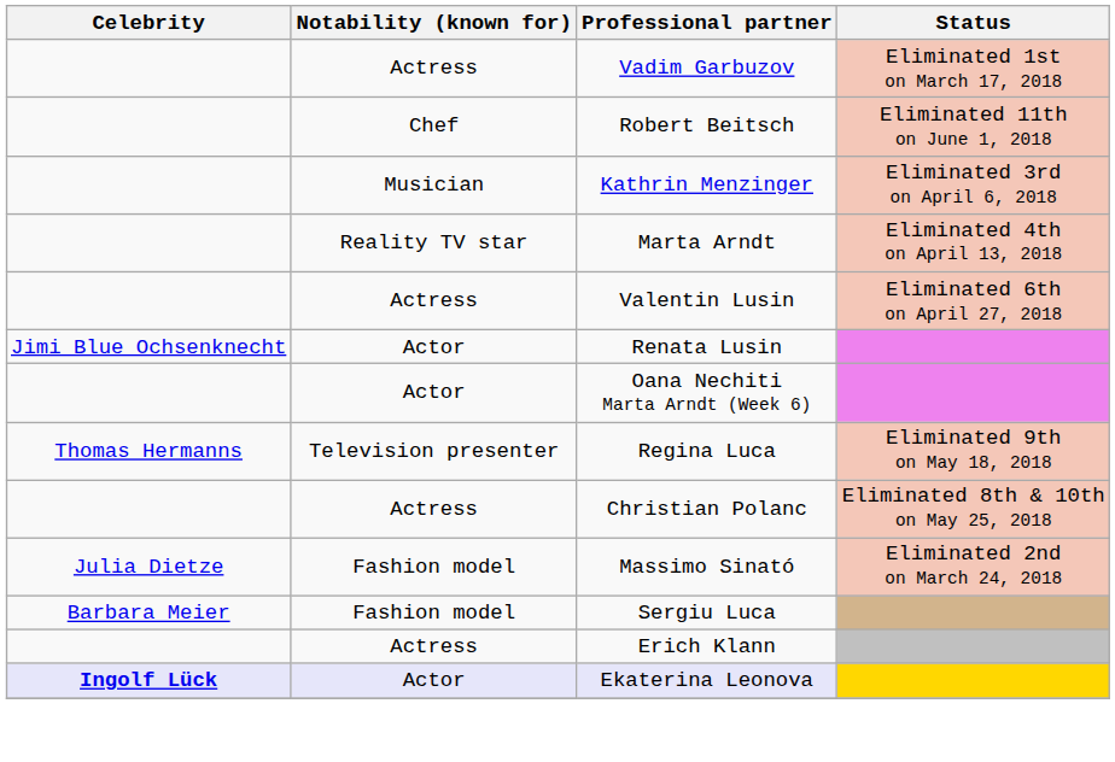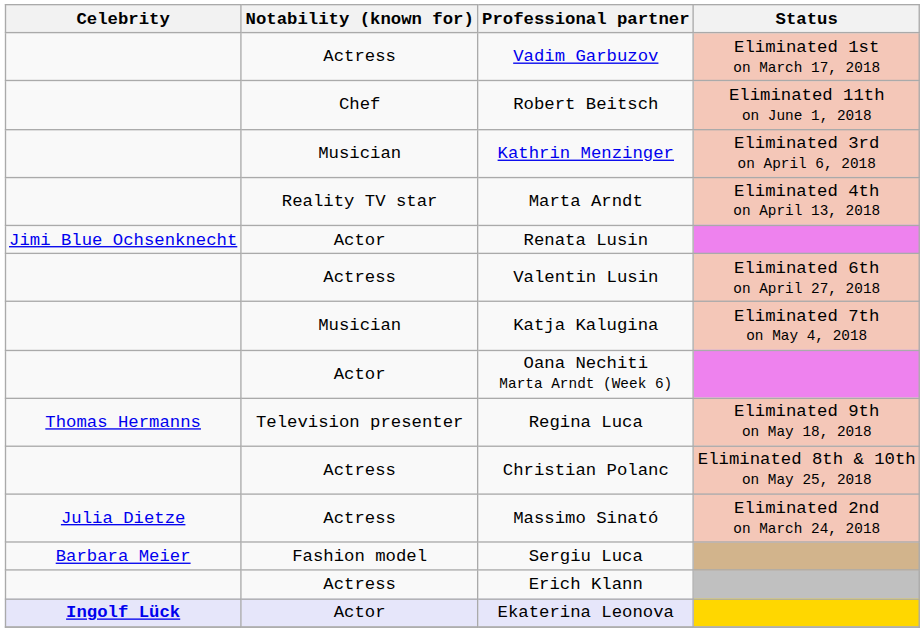 <table class= "wikitable sortable" style="text-align: center; margin:auto; align: center">
 <tr>
 <th>Celebrity</th>
 <th>Notability (known for)</th>
 <th>Professional partner</th>
 <th>Status</th>
 </tr>
 <tr>
 <td></td>
 <td>Actress</td>
 <td><a href='#'>Vadim Garbuzov</a></td>
 <td bgcolor="#F4C7B8">Eliminated 1st<br><small>on March 17, 2018</small></td>
 </tr>
 <tr>
 <td></td>
 <td>Chef</td>
 <td>Robert Beitsch</td>
 <td bgcolor="#F4C7B8">Eliminated 11th<br><small>on June 1, 2018</small></td>
 </tr>
 <tr>
 <td></td>
 <td>Musician</td>
 <td><a href='#'>Kathrin Menzinger</a></td>
 <td bgcolor="#F4C7B8">Eliminated 3rd<br><small>on April 6, 2018</small></td>
 </tr>
 <tr>
 <td></td>
 <td>Reality TV star</td>
 <td>Marta Arndt</td>
 <td bgcolor="#F4C7B8">Eliminated 4th<br><small>on April 13, 2018</small></td>
 </tr>
 <tr>
+<td><a href='#'>Jimi Blue Ochsenknecht</a></td>
+<td>Actor</td>
+<td>Renata Lusin</td>
+<td bgcolor="violet"></td>
+</tr>
+<tr>
 <td></td>
 <td>Actress</td>
 <td>Valentin Lusin</td>
 <td bgcolor="#F4C7B8">Eliminated 6th<br><small>on April 27, 2018</small></td>
 </tr>
 <tr>
-<td><a href='#'>Jimi Blue Ochsenknecht</a></td>
-<td>Actor</td>
-<td>Renata Lusin</td>
-<td bgcolor="violet"></td>
+<td></td>
+<td>Musician</td>
+<td>Katja Kalugina</td>
+<td bgcolor="#F4C7B8">Eliminated 7th<br><small>on May 4, 2018</small></td>
 </tr>
 <tr>
 <td></td>
 <td>Actor</td>
 <td>Oana Nechiti<br><small>Marta Arndt (Week 6)</small></td>
 <td bgcolor="violet"></td>
 </tr>
 <tr>
 <td><a href='#'>Thomas Hermanns</a></td>
 <td>Television presenter</td>
 <td>Regina Luca</td>
 <td bgcolor="#F4C7B8">Eliminated 9th<br><small>on May 18, 2018</small></td>
 </tr>
 <tr>
 <td></td>
 <td>Actress</td>
 <td>Christian Polanc</td>
 <td bgcolor="#F4C7B8">Eliminated 8th & 10th<br><small>on May 25, 2018</small></td>
 </tr>
 <tr>
 <td><a href='#'>Julia Dietze</a></td>
-<td>Fashion model</td>
+<td>Actress</td>
 <td>Massimo Sinató</td>
 <td bgcolor="#F4C7B8">Eliminated 2nd<br><small>on March 24, 2018</small></td>
 </tr>
 <tr>
 <td><a href='#'>Barbara Meier</a></td>
 <td>Fashion model</td>
 <td>Sergiu Luca</td>
 <td bgcolor="tan"></td>
 </tr>
 <tr>
 <td></td>
 <td>Actress</td>
 <td>Erich Klann</td>
 <td bgcolor="silver"></td>
 </tr>
 <tr bgcolor="lavender">
 <td><strong><a href='#'>Ingolf Lück</a></strong></td>
 <td>Actor</td>
 <td>Ekaterina Leonova</td>
 <td bgcolor="gold"></td>
 </tr>
 <tr>
 </tr>
 </table>
